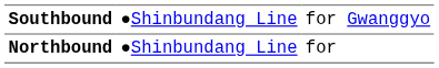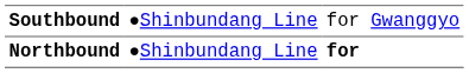 <table border="1" cellspacing="0" cellpadding="3" frame="hsides" rules="rows">
 <tr>
 <th>Southbound</th>
 <td><span>●</span><a href='#'>Shinbundang Line</a></td>
 <td>for <a href='#'>Gwanggyo</a></td>
 </tr>
 <tr>
 <th>Northbound</th>
 <td><span>●</span><a href='#'>Shinbundang Line</a></td>
-<td>for </td>
+<td><strong>for </strong></td>
 </tr>
 <tr>
 </tr>
 </table>
